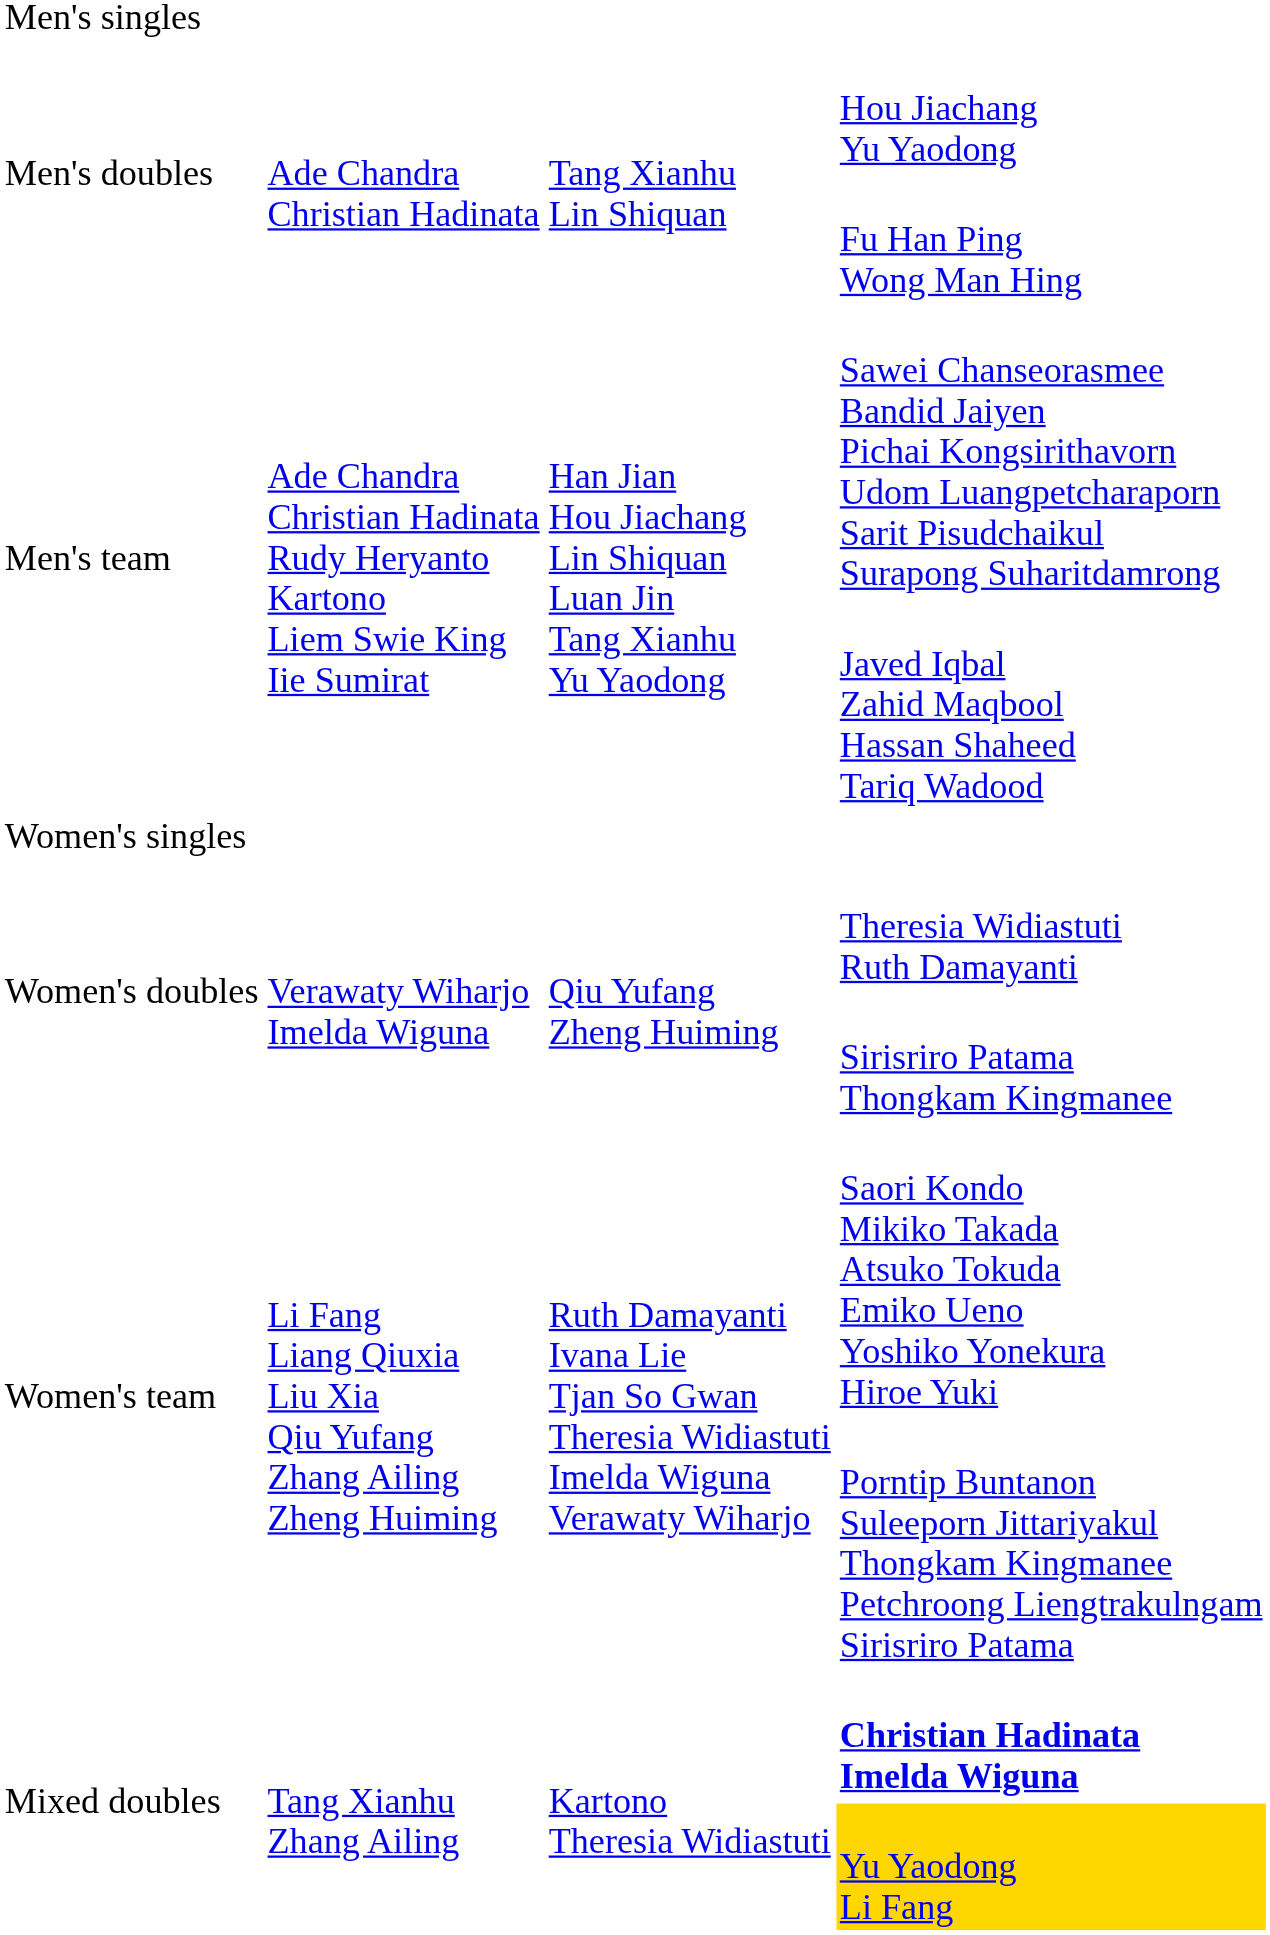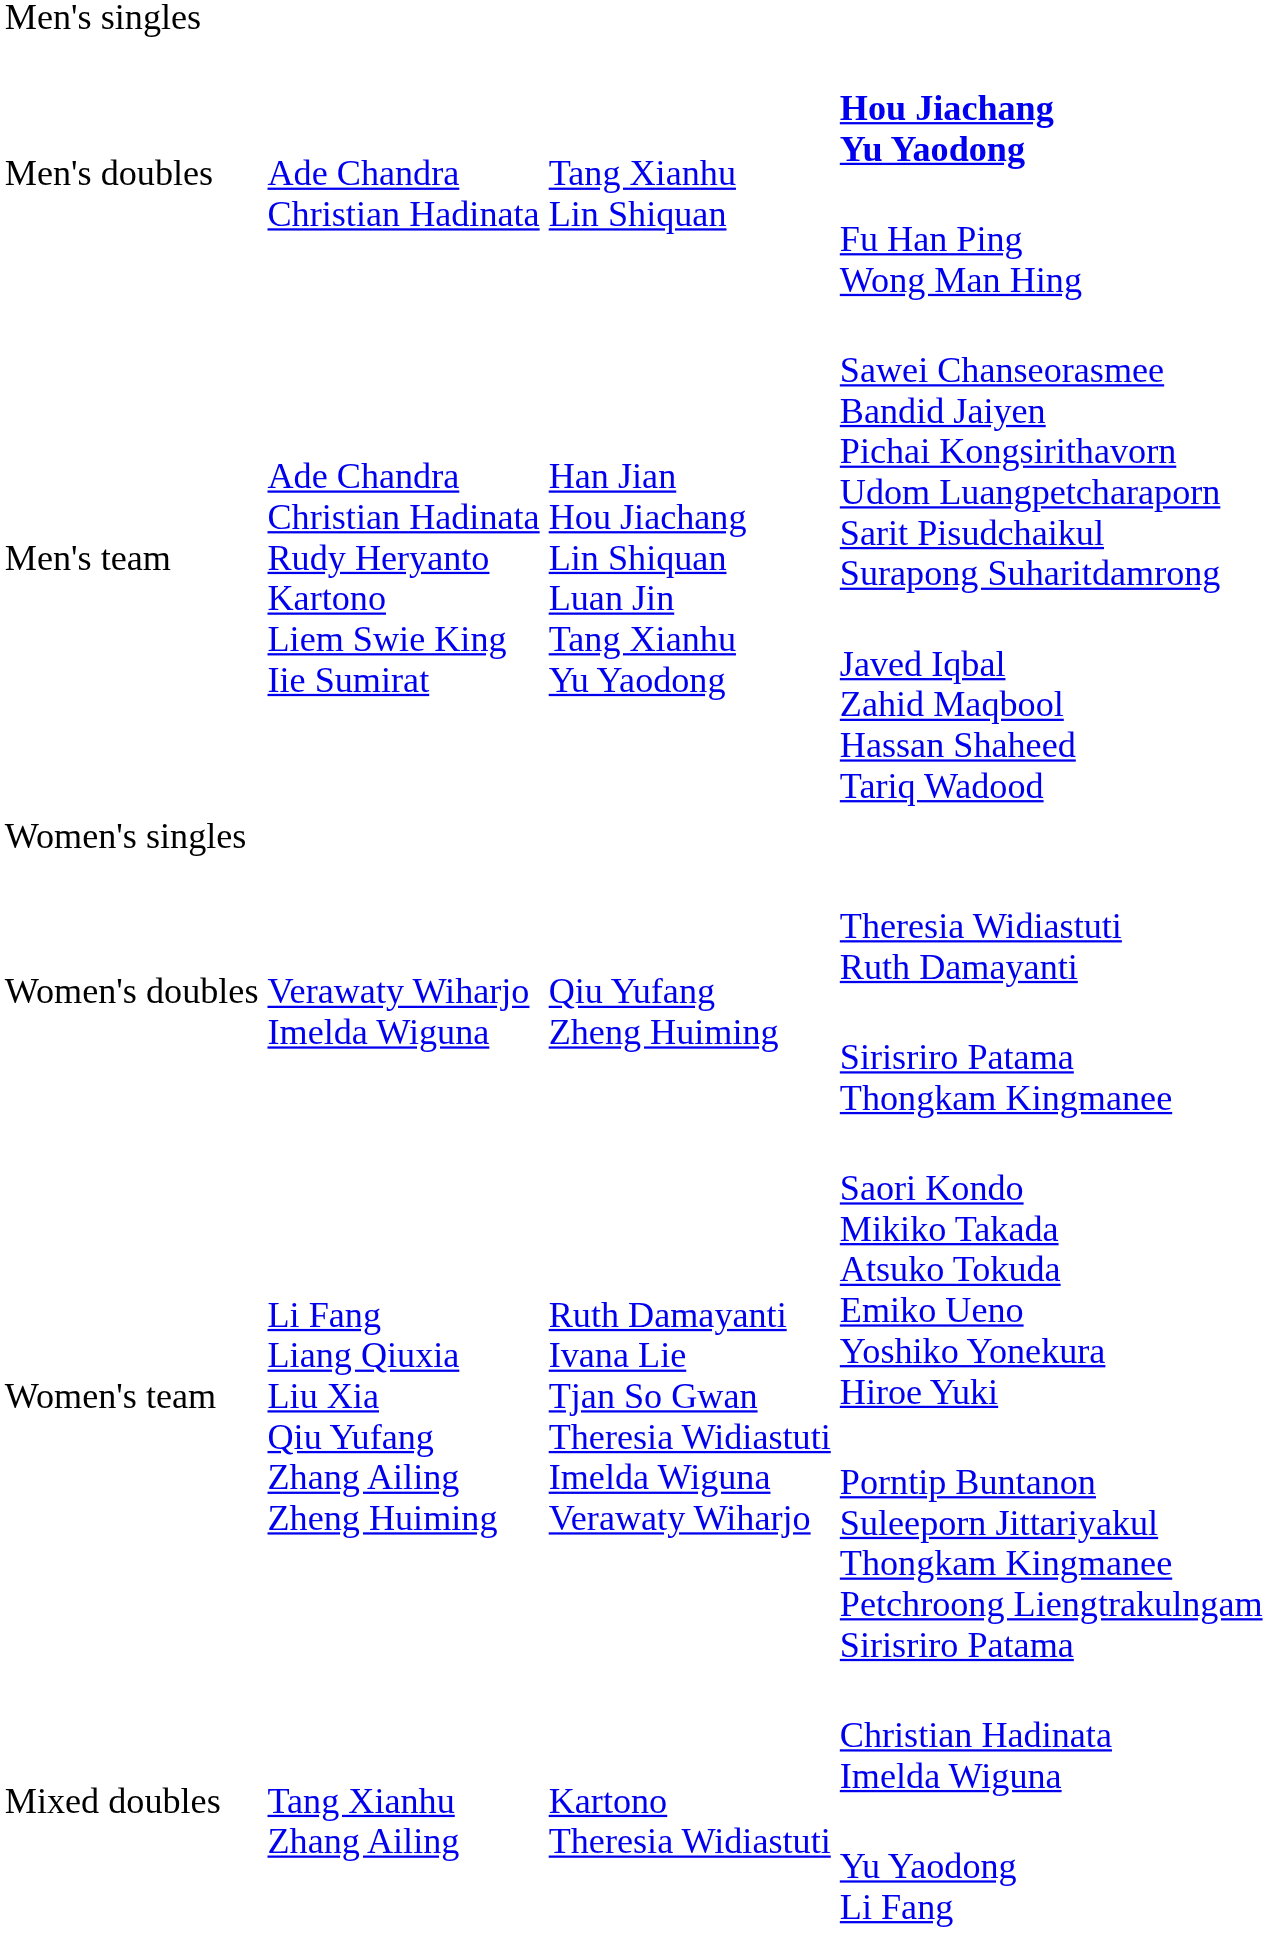 <table>
 <tr>
 <td rowspan=2>Men's singles<br></td>
 <td rowspan=2></td>
 <td rowspan=2></td>
 <td></td>
 </tr>
 <tr>
 <td></td>
 </tr>
 <tr>
 <td rowspan=2>Men's doubles<br></td>
 <td rowspan=2><br><a href='#'>Ade Chandra</a><br><a href='#'>Christian Hadinata</a></td>
 <td rowspan=2><br><a href='#'>Tang Xianhu</a><br><a href='#'>Lin Shiquan</a></td>
-<td><br><a href='#'>Hou Jiachang</a><br><a href='#'>Yu Yaodong</a></td>
+<td><strong><br><a href='#'>Hou Jiachang</a><br><a href='#'>Yu Yaodong</a></strong></td>
 </tr>
 <tr>
 <td><br><a href='#'>Fu Han Ping</a><br><a href='#'>Wong Man Hing</a></td>
 </tr>
 <tr>
 <td rowspan=2>Men's team<br></td>
 <td rowspan=2><br><a href='#'>Ade Chandra</a><br><a href='#'>Christian Hadinata</a><br><a href='#'>Rudy Heryanto</a><br><a href='#'>Kartono</a><br><a href='#'>Liem Swie King</a><br><a href='#'>Iie Sumirat</a></td>
 <td rowspan=2><br><a href='#'>Han Jian</a><br><a href='#'>Hou Jiachang</a><br><a href='#'>Lin Shiquan</a><br><a href='#'>Luan Jin</a><br><a href='#'>Tang Xianhu</a><br><a href='#'>Yu Yaodong</a></td>
 <td><br><a href='#'>Sawei Chanseorasmee</a><br><a href='#'>Bandid Jaiyen</a><br><a href='#'>Pichai Kongsirithavorn</a><br><a href='#'>Udom Luangpetcharaporn</a><br><a href='#'>Sarit Pisudchaikul</a><br><a href='#'>Surapong Suharitdamrong</a></td>
 </tr>
 <tr>
 <td><br><a href='#'>Javed Iqbal</a><br><a href='#'>Zahid Maqbool</a><br><a href='#'>Hassan Shaheed</a><br><a href='#'>Tariq Wadood</a></td>
 </tr>
 <tr>
 <td rowspan=2>Women's singles<br></td>
 <td rowspan=2></td>
 <td rowspan=2></td>
 <td></td>
 </tr>
 <tr>
 <td></td>
 </tr>
 <tr>
 <td rowspan=2>Women's doubles<br></td>
 <td rowspan=2><br><a href='#'>Verawaty Wiharjo</a><br><a href='#'>Imelda Wiguna</a></td>
 <td rowspan=2><br><a href='#'>Qiu Yufang</a><br><a href='#'>Zheng Huiming</a></td>
 <td><br><a href='#'>Theresia Widiastuti</a><br><a href='#'>Ruth Damayanti</a></td>
 </tr>
 <tr>
 <td><br><a href='#'>Sirisriro Patama</a><br><a href='#'>Thongkam Kingmanee</a></td>
 </tr>
 <tr>
 <td rowspan=2>Women's team<br></td>
 <td rowspan=2><br><a href='#'>Li Fang</a><br><a href='#'>Liang Qiuxia</a><br><a href='#'>Liu Xia</a><br><a href='#'>Qiu Yufang</a><br><a href='#'>Zhang Ailing</a><br><a href='#'>Zheng Huiming</a></td>
 <td rowspan=2><br><a href='#'>Ruth Damayanti</a><br><a href='#'>Ivana Lie</a><br><a href='#'>Tjan So Gwan</a><br><a href='#'>Theresia Widiastuti</a><br><a href='#'>Imelda Wiguna</a><br><a href='#'>Verawaty Wiharjo</a></td>
 <td><br><a href='#'>Saori Kondo</a><br><a href='#'>Mikiko Takada</a><br><a href='#'>Atsuko Tokuda</a><br><a href='#'>Emiko Ueno</a><br><a href='#'>Yoshiko Yonekura</a><br><a href='#'>Hiroe Yuki</a></td>
 </tr>
 <tr>
 <td><br><a href='#'>Porntip Buntanon</a><br><a href='#'>Suleeporn Jittariyakul</a><br><a href='#'>Thongkam Kingmanee</a><br><a href='#'>Petchroong Liengtrakulngam</a><br><a href='#'>Sirisriro Patama</a></td>
 </tr>
 <tr>
 <td rowspan=2>Mixed doubles<br></td>
 <td rowspan=2><br><a href='#'>Tang Xianhu</a><br><a href='#'>Zhang Ailing</a></td>
 <td rowspan=2><br><a href='#'>Kartono</a><br><a href='#'>Theresia Widiastuti</a></td>
-<td><strong><br><a href='#'>Christian Hadinata</a><br><a href='#'>Imelda Wiguna</a></strong></td>
+<td><br><a href='#'>Christian Hadinata</a><br><a href='#'>Imelda Wiguna</a></td>
 </tr>
 <tr>
-<td style="background: gold;"><br><a href='#'>Yu Yaodong</a><br><a href='#'>Li Fang</a></td>
+<td><br><a href='#'>Yu Yaodong</a><br><a href='#'>Li Fang</a></td>
 </tr>
 </table>
